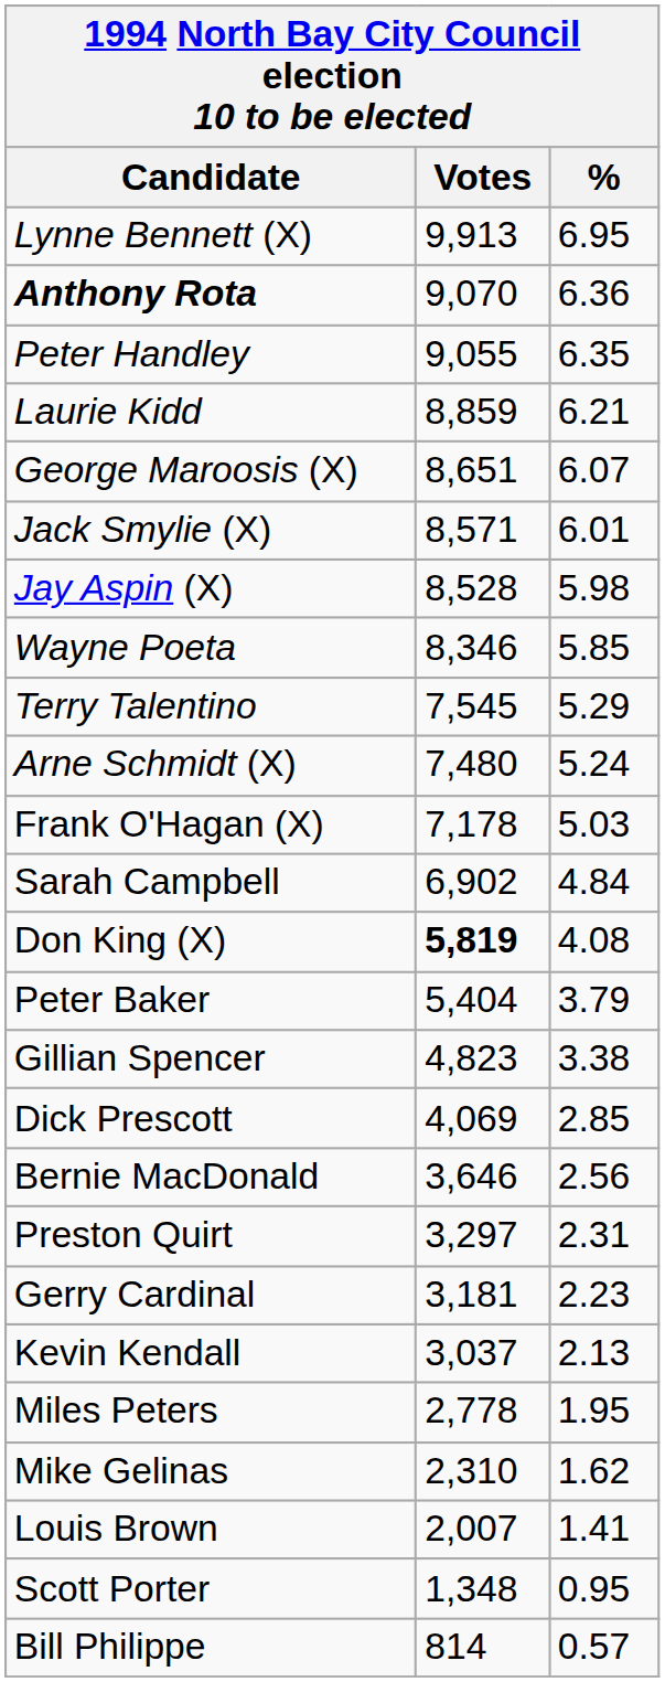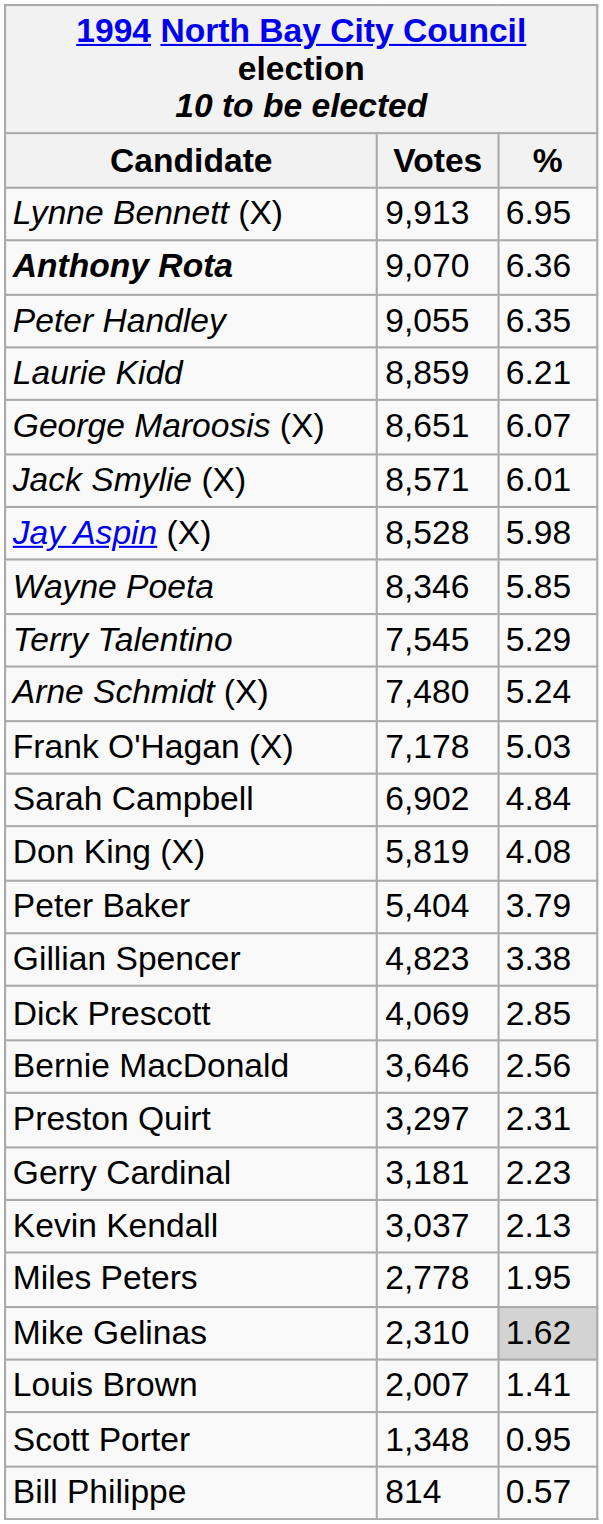 <table class="wikitable">
 <tr>
 <th colspan="3"><a href='#'>1994</a> <a href='#'>North Bay City Council</a> election <br> <em>10 to be elected</em></th>
 </tr>
 <tr>
 <th style="width: 170px">Candidate</th>
 <th style="width: 50px">Votes</th>
 <th style="width: 40px">%</th>
 </tr>
 <tr>
 <td><em>Lynne Bennett</em> (X)</td>
 <td>9,913</td>
 <td>6.95</td>
 </tr>
 <tr>
 <td><strong><em>Anthony Rota</em></strong></td>
 <td>9,070</td>
 <td>6.36</td>
 </tr>
 <tr>
 <td><em>Peter Handley</em></td>
 <td>9,055</td>
 <td>6.35</td>
 </tr>
 <tr>
 <td><em>Laurie Kidd</em></td>
 <td>8,859</td>
 <td>6.21</td>
 </tr>
 <tr>
 <td><em>George Maroosis</em> (X)</td>
 <td>8,651</td>
 <td>6.07</td>
 </tr>
 <tr>
 <td><em>Jack Smylie</em> (X)</td>
 <td>8,571</td>
 <td>6.01</td>
 </tr>
 <tr>
 <td><em><a href='#'>Jay Aspin</a></em> (X)</td>
 <td>8,528</td>
 <td>5.98</td>
 </tr>
 <tr>
 <td><em>Wayne Poeta</em></td>
 <td>8,346</td>
 <td>5.85</td>
 </tr>
 <tr>
 <td><em>Terry Talentino</em></td>
 <td>7,545</td>
 <td>5.29</td>
 </tr>
 <tr>
 <td><em>Arne Schmidt</em> (X)</td>
 <td>7,480</td>
 <td>5.24</td>
 </tr>
 <tr>
 <td>Frank O'Hagan (X)</td>
 <td>7,178</td>
 <td>5.03</td>
 </tr>
 <tr>
 <td>Sarah Campbell</td>
 <td>6,902</td>
 <td>4.84</td>
 </tr>
 <tr>
 <td>Don King (X)</td>
-<td><strong>5,819</strong></td>
+<td>5,819</td>
 <td>4.08</td>
 </tr>
 <tr>
 <td>Peter Baker</td>
 <td>5,404</td>
 <td>3.79</td>
 </tr>
 <tr>
 <td>Gillian Spencer</td>
 <td>4,823</td>
 <td>3.38</td>
 </tr>
 <tr>
 <td>Dick Prescott</td>
 <td>4,069</td>
 <td>2.85</td>
 </tr>
 <tr>
 <td>Bernie MacDonald</td>
 <td>3,646</td>
 <td>2.56</td>
 </tr>
 <tr>
 <td>Preston Quirt</td>
 <td>3,297</td>
 <td>2.31</td>
 </tr>
 <tr>
 <td>Gerry Cardinal</td>
 <td>3,181</td>
 <td>2.23</td>
 </tr>
 <tr>
 <td>Kevin Kendall</td>
 <td>3,037</td>
 <td>2.13</td>
 </tr>
 <tr>
 <td>Miles Peters</td>
 <td>2,778</td>
 <td>1.95</td>
 </tr>
 <tr>
 <td>Mike Gelinas</td>
 <td>2,310</td>
-<td>1.62</td>
+<td style="background: lightgrey;">1.62</td>
 </tr>
 <tr>
 <td>Louis Brown</td>
 <td>2,007</td>
 <td>1.41</td>
 </tr>
 <tr>
 <td>Scott Porter</td>
 <td>1,348</td>
 <td>0.95</td>
 </tr>
 <tr>
 <td>Bill Philippe</td>
 <td>814</td>
 <td>0.57<br></td>
 </tr>
 </table>
